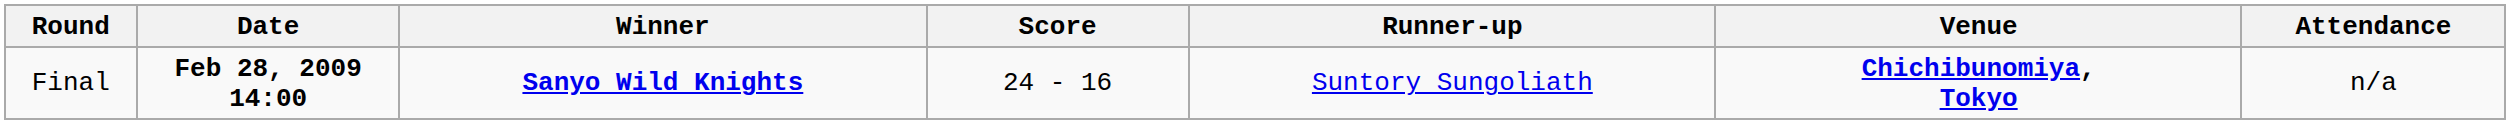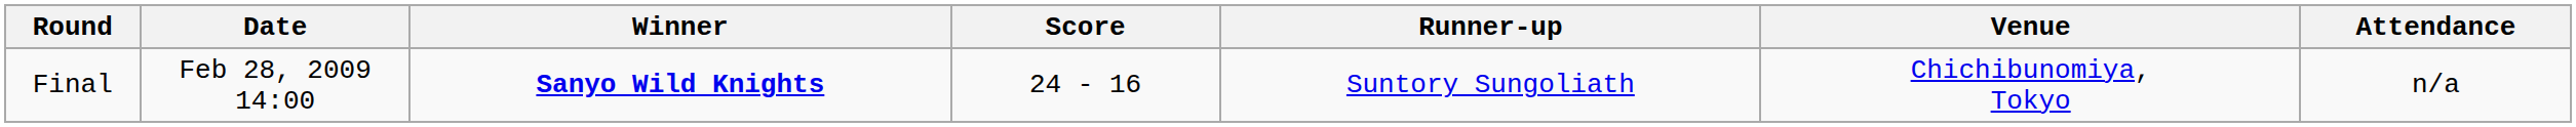 <table class="wikitable" style="text-align: center;">
 <tr>
 <th width=5%>Round</th>
 <th width=10%>Date</th>
 <th width=20%>Winner</th>
 <th width=10%>Score</th>
 <th width=20%>Runner-up</th>
 <th width=20%>Venue</th>
 <th width=10%>Attendance</th>
 </tr>
 <tr>
 <td>Final</td>
-<td><strong>Feb 28, 2009 14:00<br></strong></td>
+<td>Feb 28, 2009 14:00<br></td>
 <td><strong><a href='#'>Sanyo Wild Knights</a></strong></td>
 <td>24 - 16 <br></td>
 <td><a href='#'>Suntory Sungoliath</a></td>
-<td><strong><a href='#'>Chichibunomiya</a>,<br><a href='#'>Tokyo</a></strong></td>
+<td><a href='#'>Chichibunomiya</a>,<br><a href='#'>Tokyo</a></td>
 <td>n/a</td>
 </tr>
 <tr>
 </tr>
 </table>
